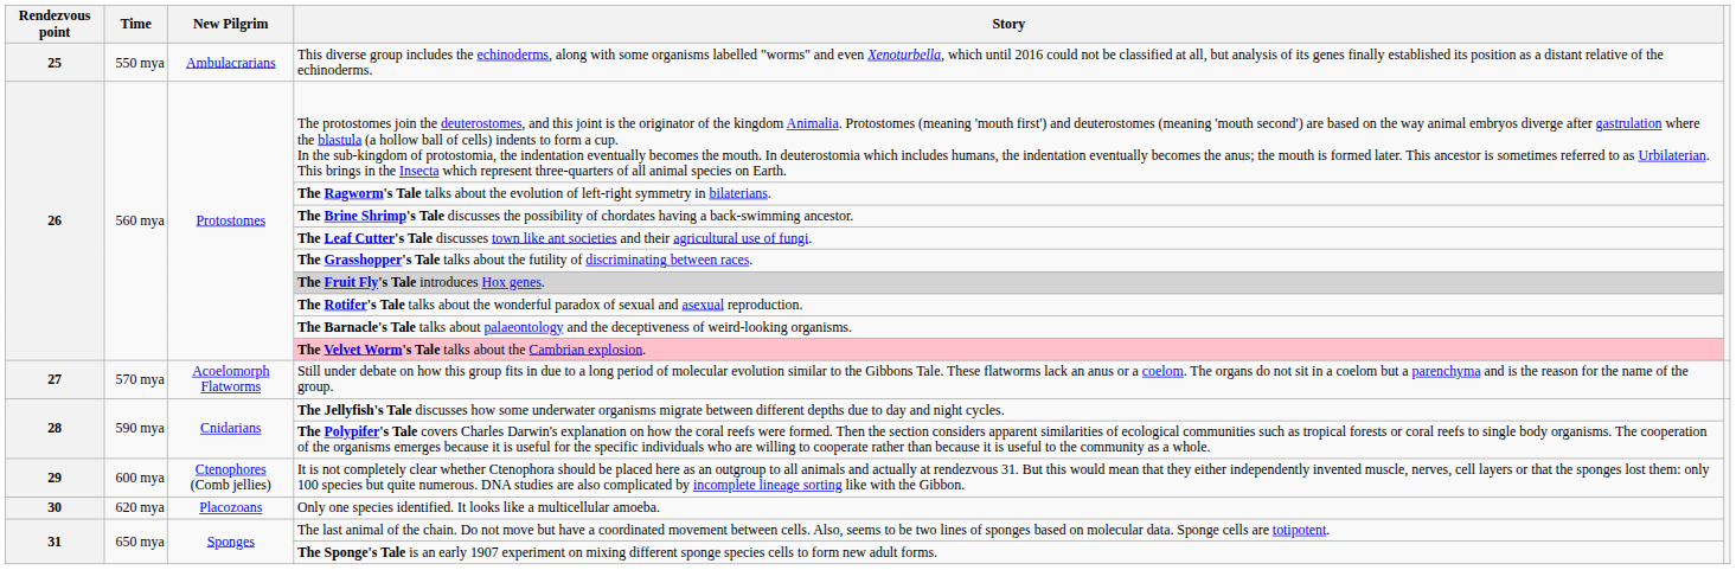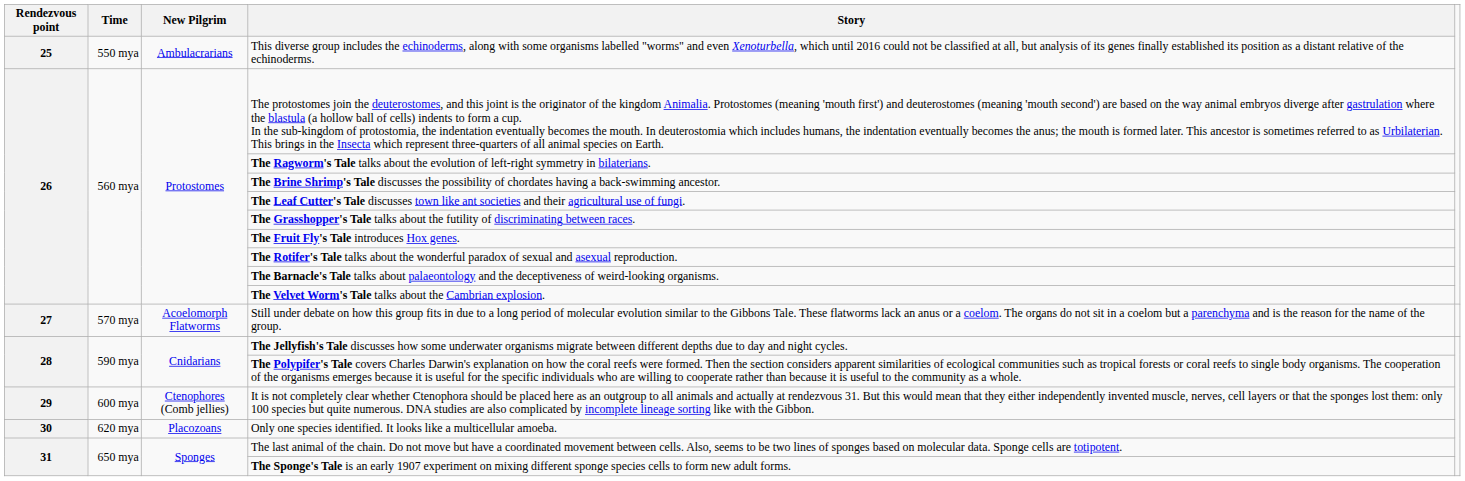 <table class="wikitable">
 <tr>
 <th>Rendezvous point</th>
 <th style="width:65px;">Time</th>
 <th>New Pilgrim</th>
 <th>Story</th>
 </tr>
 <tr>
 <th>25</th>
 <td style="text-align:right;">550 mya</td>
 <td style="text-align:center;"><a href='#'>Ambulacrarians</a></td>
 <td>This diverse group includes the <a href='#'>echinoderms</a>, along with some organisms labelled "worms" and even <em><a href='#'>Xenoturbella</a></em>, which until 2016 could not be classified at all, but analysis of its genes finally established its position as a distant relative of the echinoderms.</td>
 </tr>
 <tr>
 <th rowspan="9">26</th>
 <td rowspan="9" style="text-align:right;">560 mya</td>
 <td rowspan="9" style="text-align:center;"><a href='#'>Protostomes</a></td>
 <td><br><br>The protostomes join the <a href='#'>deuterostomes</a>, and this joint is the originator of the kingdom <a href='#'>Animalia</a>.  Protostomes (meaning 'mouth first') and deuterostomes (meaning 'mouth second') are based on the way animal embryos diverge after <a href='#'>gastrulation</a> where the <a href='#'>blastula</a> (a hollow ball of cells) indents to form a cup.<br>In the sub-kingdom of protostomia, the indentation eventually becomes the mouth. In deuterostomia which includes humans, the indentation eventually becomes the anus; the mouth is formed later.  This ancestor is sometimes referred to as <a href='#'>Urbilaterian</a>.  This brings in the <a href='#'>Insecta</a> which represent three-quarters of all animal species on Earth.</td>
 </tr>
 <tr>
 <td><strong>The <a href='#'>Ragworm</a>'s Tale</strong> talks about the evolution of left-right symmetry in <a href='#'>bilaterians</a>.</td>
 </tr>
 <tr>
 <td><strong>The <a href='#'>Brine Shrimp</a>'s Tale</strong> discusses the possibility of chordates having a back-swimming ancestor.</td>
 </tr>
 <tr>
 <td><strong>The <a href='#'>Leaf Cutter</a>'s Tale</strong> discusses <a href='#'>town like ant societies</a> and their <a href='#'>agricultural use of fungi</a>.</td>
 </tr>
 <tr>
 <td><strong>The <a href='#'>Grasshopper</a>'s Tale</strong> talks about the futility of <a href='#'>discriminating between races</a>.</td>
 </tr>
 <tr>
-<td style="background: lightgrey;"><strong>The <a href='#'>Fruit Fly</a>'s Tale</strong> introduces <a href='#'>Hox genes</a>.</td>
+<td><strong>The <a href='#'>Fruit Fly</a>'s Tale</strong> introduces <a href='#'>Hox genes</a>.</td>
 </tr>
 <tr>
 <td><strong>The <a href='#'>Rotifer</a>'s Tale</strong> talks about the wonderful paradox of sexual and <a href='#'>asexual</a> reproduction.</td>
 </tr>
 <tr>
 <td><strong>The Barnacle's Tale</strong> talks about <a href='#'>palaeontology</a> and the deceptiveness of weird-looking organisms.</td>
 </tr>
 <tr>
-<td style="background: pink;"><strong>The <a href='#'>Velvet Worm</a>'s Tale</strong> talks about the <a href='#'>Cambrian explosion</a>.</td>
+<td><strong>The <a href='#'>Velvet Worm</a>'s Tale</strong> talks about the <a href='#'>Cambrian explosion</a>.</td>
 </tr>
 <tr>
 <th>27</th>
 <td style="text-align:right;">570 mya</td>
 <td style="text-align:center;"><a href='#'>Acoelomorph Flatworms</a></td>
 <td>Still under debate on how this group fits in due to a long period of molecular evolution similar to the Gibbons Tale. These flatworms lack an anus or a <a href='#'>coelom</a>. The organs do not sit in a coelom but a <a href='#'>parenchyma</a> and is the reason for the name of the group.</td>
 <td></td>
 </tr>
 <tr>
 <th rowspan="2">28</th>
 <td rowspan="2" style="text-align:right;">590 mya</td>
 <td rowspan="2" style="text-align:center;"><a href='#'>Cnidarians</a></td>
 <td><strong>The Jellyfish's Tale</strong> discusses how some underwater organisms migrate between different depths due to day and night cycles.</td>
 </tr>
 <tr>
 <td><strong>The <a href='#'>Polypifer</a>'s Tale</strong> covers Charles Darwin's explanation on how the coral reefs were formed. Then the section considers apparent similarities of ecological communities such as tropical forests or coral reefs to single body organisms. The cooperation of the organisms emerges because it is useful for the specific individuals who are willing to cooperate rather than because it is useful to the community as a whole.</td>
 </tr>
 <tr>
 <th>29</th>
 <td style="text-align:right;">600 mya</td>
 <td style="text-align:center;"><a href='#'>Ctenophores</a><br>(Comb jellies)</td>
 <td>It is not completely clear whether Ctenophora should be placed here as an outgroup to all animals and actually at rendezvous 31. But this would mean that they either independently invented muscle, nerves, cell layers or that the sponges lost them: only 100 species but quite numerous. DNA studies are also complicated by <a href='#'>incomplete lineage sorting</a> like with the Gibbon.</td>
 </tr>
 <tr>
 <th>30</th>
 <td style="text-align:right;">620 mya</td>
 <td style="text-align:center;"><a href='#'>Placozoans</a></td>
 <td>Only one species identified. It looks like a multicellular amoeba.</td>
 </tr>
 <tr>
 <th rowspan="2">31</th>
 <td rowspan="2" style="text-align:right;">650 mya</td>
 <td rowspan="2" style="text-align:center;"><a href='#'>Sponges</a></td>
 <td>The last animal of the chain. Do not move but have a coordinated movement between cells. Also, seems to be two lines of sponges based on molecular data. Sponge cells are <a href='#'>totipotent</a>.</td>
 </tr>
 <tr>
 <td><strong>The Sponge's Tale</strong> is an early 1907 experiment on mixing different sponge species cells to form new adult forms.</td>
 </tr>
 </table>
